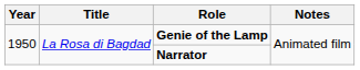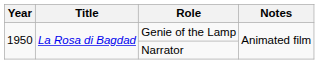 <table class="wikitable plainrowheaders sortable">
 <tr>
 <th scope="col">Year</th>
 <th scope="col">Title</th>
 <th scope="col">Role</th>
 <th scope="col">Notes</th>
 </tr>
 <tr>
 <td rowspan=2>1950</td>
 <td rowspan=2><em><a href='#'>La Rosa di Bagdad</a></em></td>
-<td><strong>Genie of the Lamp</strong></td>
+<td>Genie of the Lamp</td>
 <td rowspan=2>Animated film</td>
 </tr>
 <tr>
-<td><strong>Narrator</strong></td>
+<td>Narrator</td>
 </tr>
 </table>
